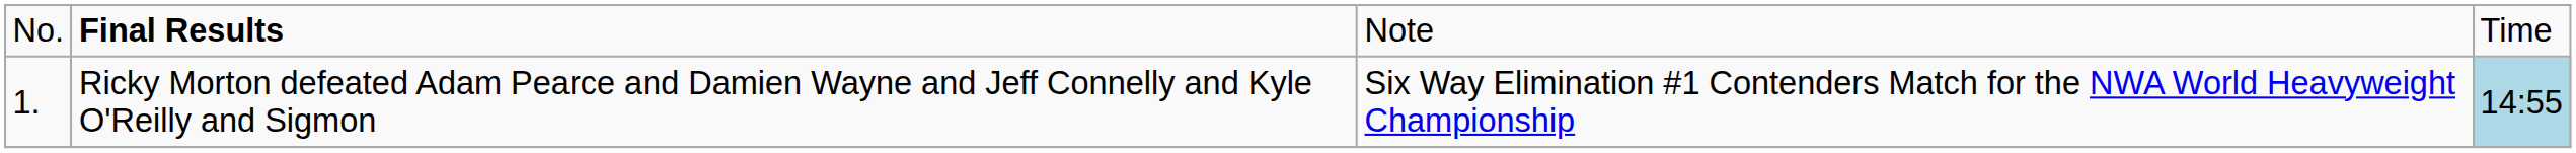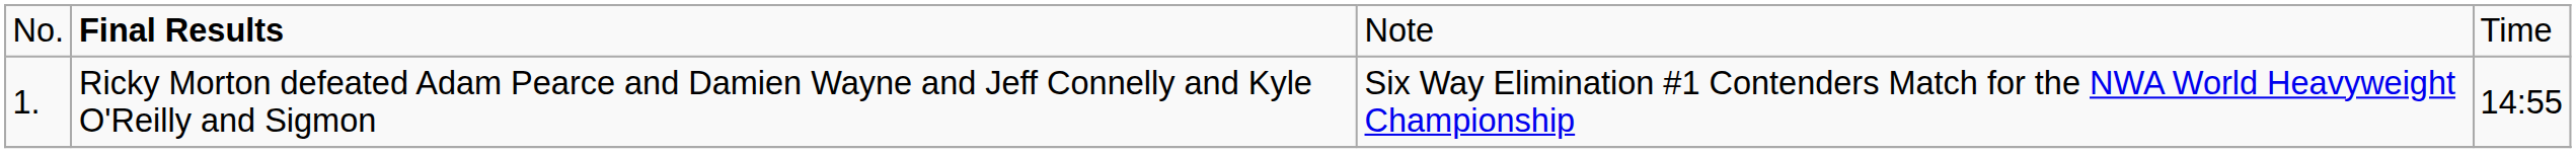 <table class="wikitable">
 <tr>
 <td>No.</td>
 <td><strong>Final Results</strong></td>
 <td>Note</td>
 <td>Time</td>
 </tr>
 <tr>
 <td>1.</td>
 <td>Ricky Morton defeated Adam Pearce and Damien Wayne and Jeff Connelly and Kyle O'Reilly and Sigmon</td>
 <td>Six Way Elimination #1 Contenders Match for the <a href='#'>NWA World Heavyweight Championship</a></td>
-<td style="background: lightblue;">14:55</td>
+<td>14:55</td>
 </tr>
 <tr>
 </tr>
 </table>
